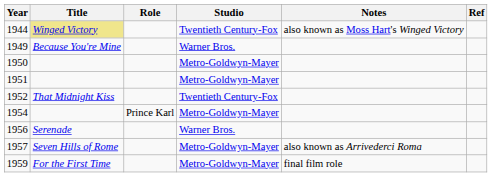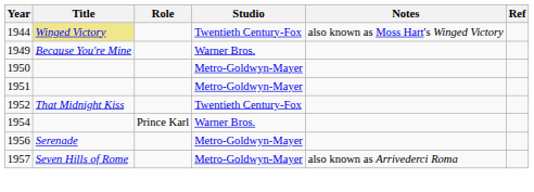 <table class="wikitable sortable">
 <tr>
 <th>Year</th>
 <th>Title</th>
 <th>Role</th>
 <th>Studio</th>
 <th class="unsortable">Notes</th>
 <th class="unsortable">Ref</th>
 </tr>
 <tr>
 <td>1944</td>
 <td style="background: khaki;"><em><a href='#'>Winged Victory</a></em></td>
 <td> </td>
 <td><a href='#'>Twentieth Century-Fox</a></td>
 <td>also known as <a href='#'>Moss Hart</a>'s <em>Winged Victory</em></td>
 <td></td>
 </tr>
 <tr>
 <td>1949</td>
 <td><em><a href='#'>Because You're Mine</a></em></td>
 <td></td>
 <td><a href='#'>Warner Bros.</a></td>
 <td></td>
 <td></td>
 </tr>
 <tr>
 <td>1950</td>
 <td><em></em></td>
 <td></td>
 <td><a href='#'>Metro-Goldwyn-Mayer</a></td>
 <td></td>
 <td></td>
 </tr>
 <tr>
 <td>1951</td>
 <td><em></em></td>
 <td></td>
 <td><a href='#'>Metro-Goldwyn-Mayer</a></td>
 <td></td>
 <td></td>
 </tr>
 <tr>
 <td>1952</td>
 <td><em><a href='#'>That Midnight Kiss</a></em></td>
 <td></td>
 <td><a href='#'>Twentieth Century-Fox</a></td>
 <td></td>
 <td></td>
 </tr>
 <tr>
 <td>1954</td>
 <td><em></em></td>
 <td>Prince Karl </td>
-<td><a href='#'>Metro-Goldwyn-Mayer</a></td>
+<td><a href='#'>Warner Bros.</a></td>
 <td></td>
 <td></td>
 </tr>
 <tr>
 <td>1956</td>
 <td><em><a href='#'>Serenade</a></em></td>
 <td></td>
-<td><a href='#'>Warner Bros.</a></td>
+<td><a href='#'>Metro-Goldwyn-Mayer</a></td>
 <td></td>
 <td></td>
 </tr>
 <tr>
 <td>1957</td>
 <td><em><a href='#'>Seven Hills of Rome</a></em></td>
 <td></td>
 <td><a href='#'>Metro-Goldwyn-Mayer</a></td>
 <td>also known as <em>Arrivederci Roma</em></td>
 <td></td>
 </tr>
-<tr>
-<td>1959</td>
-<td><em><a href='#'>For the First Time</a></em></td>
-<td></td>
-<td><a href='#'>Metro-Goldwyn-Mayer</a></td>
-<td>final film role</td>
-<td></td>
-</tr>
 </table>
